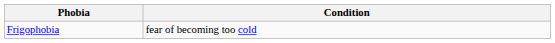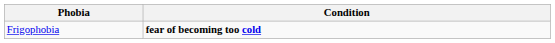 <table class="wikitable sortable" border="1">
 <tr>
 <th width="200px">Phobia</th>
 <th width="600px">Condition</th>
 </tr>
 <tr>
 <td><a href='#'>Frigophobia</a></td>
-<td>fear of becoming too <a href='#'>cold</a></td>
+<td><strong>fear of becoming too <a href='#'>cold</a></strong></td>
 </tr>
 </table>
